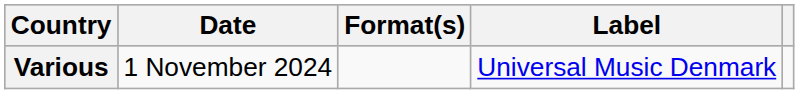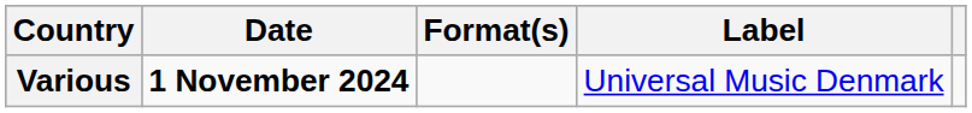 <table class="wikitable plainrowheaders">
 <tr>
 <th scope="col">Country</th>
 <th scope="col">Date</th>
 <th scope="col">Format(s)</th>
 <th scope="col">Label</th>
 <th scope="col"></th>
 </tr>
 <tr>
 <th scope="row" rowspan="2">Various</th>
-<td>1 November 2024</td>
+<td><strong>1 November 2024</strong></td>
 <td rowspan="2"></td>
 <td rowspan="2"><a href='#'>Universal Music Denmark</a></td>
 <td></td>
 </tr>
 </table>
